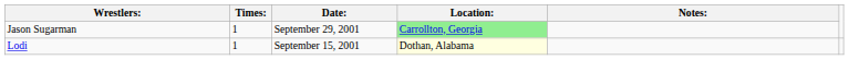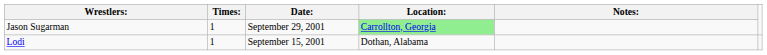 <table class="wikitable" width=100%>
 <tr>
 <th width=27%>Wrestlers:</th>
 <th width=5%>Times:</th>
 <th width=15%>Date:</th>
 <th width=18%>Location:</th>
 <th width=35%>Notes:</th>
 </tr>
 <tr>
 <td>Jason Sugarman</td>
 <td>1</td>
 <td>September 29, 2001</td>
 <td style="background: lightgreen;"><a href='#'>Carrollton, Georgia</a></td>
 <td></td>
 </tr>
 <tr>
 <td><a href='#'>Lodi</a></td>
 <td>1</td>
 <td>September 15, 2001</td>
-<td style="background: lightyellow;">Dothan, Alabama</td>
+<td>Dothan, Alabama</td>
 <td></td>
 <td></td>
 </tr>
 </table>
